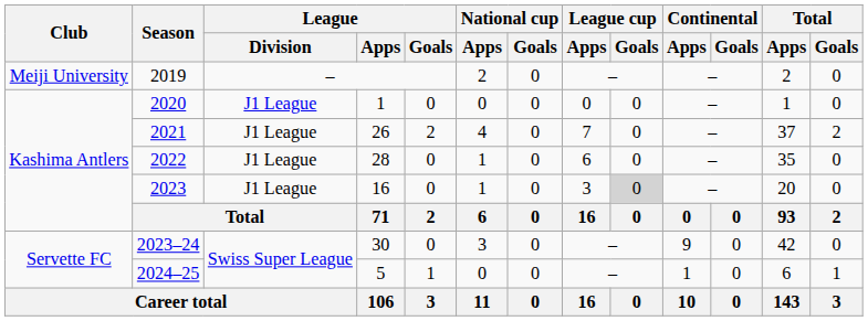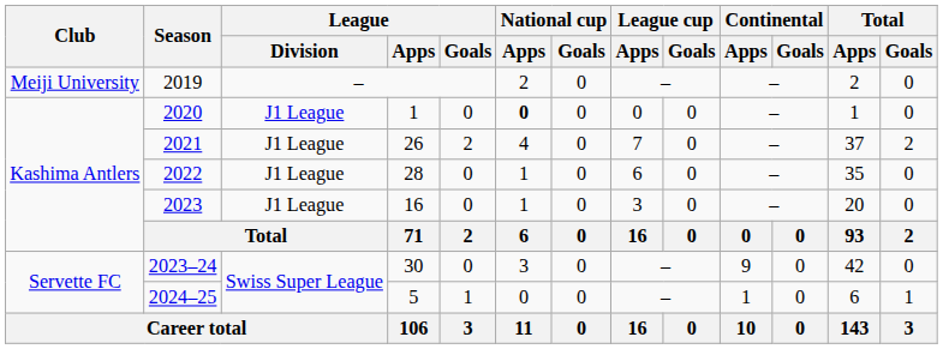 <table class="wikitable" style="text-align:center;">
 <tr>
 <th rowspan=2>Club</th>
 <th rowspan=2>Season</th>
 <th colspan=3>League</th>
 <th colspan=2>National cup</th>
 <th colspan=2>League cup</th>
 <th colspan=2>Continental</th>
 <th colspan=2>Total</th>
 </tr>
 <tr>
 <th>Division</th>
 <th>Apps</th>
 <th>Goals</th>
 <th>Apps</th>
 <th>Goals</th>
 <th>Apps</th>
 <th>Goals</th>
 <th>Apps</th>
 <th>Goals</th>
 <th>Apps</th>
 <th>Goals</th>
 </tr>
 <tr>
 <td><a href='#'>Meiji University</a></td>
 <td>2019</td>
 <td colspan="3">–</td>
 <td>2</td>
 <td>0</td>
 <td colspan="2">–</td>
 <td colspan="2">–</td>
 <td>2</td>
 <td>0</td>
 </tr>
 <tr>
 <td rowspan="5"><a href='#'>Kashima Antlers</a></td>
 <td><a href='#'>2020</a></td>
 <td><a href='#'>J1 League</a></td>
 <td>1</td>
 <td>0</td>
-<td>0</td>
+<td><strong>0</strong></td>
 <td>0</td>
 <td>0</td>
 <td>0</td>
 <td colspan="2">–</td>
 <td>1</td>
 <td>0</td>
 </tr>
 <tr>
 <td><a href='#'>2021</a></td>
 <td>J1 League</td>
 <td>26</td>
 <td>2</td>
 <td>4</td>
 <td>0</td>
 <td>7</td>
 <td>0</td>
 <td colspan="2">–</td>
 <td>37</td>
 <td>2</td>
 </tr>
 <tr>
 <td><a href='#'>2022</a></td>
 <td>J1 League</td>
 <td>28</td>
 <td>0</td>
 <td>1</td>
 <td>0</td>
 <td>6</td>
 <td>0</td>
 <td colspan="2">–</td>
 <td>35</td>
 <td>0</td>
 </tr>
 <tr>
 <td><a href='#'>2023</a></td>
 <td>J1 League</td>
 <td>16</td>
 <td>0</td>
 <td>1</td>
 <td>0</td>
 <td>3</td>
-<td style="background: lightgrey;">0</td>
+<td>0</td>
 <td colspan="2">–</td>
 <td>20</td>
 <td>0</td>
 </tr>
 <tr>
 <th colspan="2">Total</th>
 <th>71</th>
 <th>2</th>
 <th>6</th>
 <th>0</th>
 <th>16</th>
 <th>0</th>
 <th>0</th>
 <th>0</th>
 <th>93</th>
 <th>2</th>
 </tr>
 <tr>
 <td rowspan="2"><a href='#'>Servette FC</a></td>
 <td><a href='#'>2023–24</a></td>
 <td rowspan="2"><a href='#'>Swiss Super League</a></td>
 <td>30</td>
 <td>0</td>
 <td>3</td>
 <td>0</td>
 <td colspan="2">–</td>
 <td>9</td>
 <td>0</td>
 <td>42</td>
 <td>0</td>
 </tr>
 <tr>
 <td><a href='#'>2024–25</a></td>
 <td>5</td>
 <td>1</td>
 <td>0</td>
 <td>0</td>
 <td colspan="2">–</td>
 <td>1</td>
 <td>0</td>
 <td>6</td>
 <td>1</td>
 </tr>
 <tr>
 <th colspan="3">Career total</th>
 <th>106</th>
 <th>3</th>
 <th>11</th>
 <th>0</th>
 <th>16</th>
 <th>0</th>
 <th>10</th>
 <th>0</th>
 <th>143</th>
 <th>3</th>
 </tr>
 </table>
